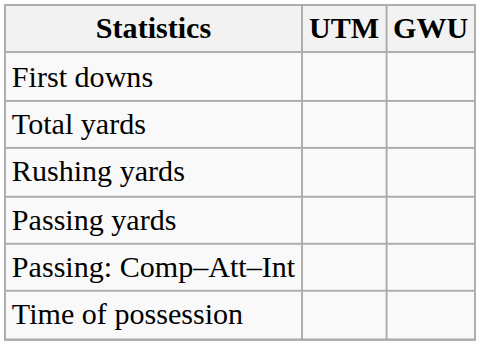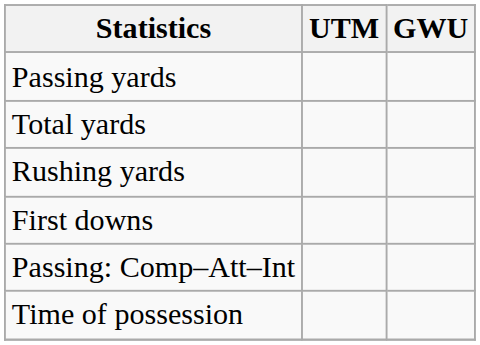 <table class="wikitable" style="float: left;">
 <tr>
 <th>Statistics</th>
 <th>UTM</th>
 <th>GWU</th>
 </tr>
 <tr>
-<td>First downs</td>
+<td>Passing yards</td>
 <td></td>
 <td></td>
 </tr>
 <tr>
 <td>Total yards</td>
 <td></td>
 <td></td>
 </tr>
 <tr>
 <td>Rushing yards</td>
 <td></td>
 <td></td>
 </tr>
 <tr>
-<td>Passing yards</td>
+<td>First downs</td>
 <td></td>
 <td></td>
 </tr>
 <tr>
 <td>Passing: Comp–Att–Int</td>
 <td></td>
 <td></td>
 </tr>
 <tr>
 <td>Time of possession</td>
 <td></td>
 <td></td>
 </tr>
 <tr>
 </tr>
 </table>
